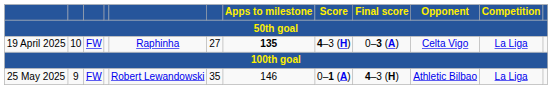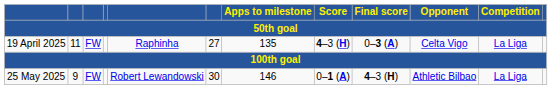 <table class="wikitable" style="text-align:center">
 <tr>
 <th style="background:#26559B;color:#FFF000;"></th>
 <th style="background:#26559B;color:#FFF000;"></th>
 <th style="background:#26559B;color:#FFF000;"></th>
 <th style="background:#26559B;color:#FFF000;"></th>
 <th style="background:#26559B;color:#FFF000;"></th>
 <th style="background:#26559B;color:#FFF000;"></th>
 <th style="background:#26559B;color:#FFF000;">Apps to milestone</th>
 <th style="background:#26559B;color:#FFF000;">Score</th>
 <th style="background:#26559B;color:#FFF000;">Final score</th>
 <th style="background:#26559B;color:#FFF000;">Opponent</th>
 <th style="background:#26559B;color:#FFF000;">Competition</th>
 <th style="background:#26559B;color:#FFF000;"></th>
 </tr>
 <tr>
 <th colspan=12 style="background:#26559B;color:#FFF000;">50th goal</th>
 </tr>
 <tr>
 <td>19 April 2025</td>
-<td>10</td>
+<td>11</td>
 <td><a href='#'>FW</a></td>
 <td></td>
 <td><a href='#'>Raphinha</a></td>
 <td>27</td>
-<td><strong>135</strong></td>
+<td>135</td>
 <td><strong>4</strong>–3 (<a href='#'><strong>H</strong></a>)</td>
 <td>0–<strong>3</strong> (<a href='#'><strong>A</strong></a>)</td>
 <td><a href='#'>Celta Vigo</a></td>
 <td><a href='#'>La Liga</a></td>
 <td></td>
 </tr>
 <tr>
 <th colspan=12 style="background:#26559B;color:#FFF000;">100th goal</th>
 </tr>
 <tr>
 <td>25 May 2025</td>
 <td>9</td>
 <td><a href='#'>FW</a></td>
 <td></td>
 <td><a href='#'>Robert Lewandowski</a></td>
-<td>35</td>
+<td>30</td>
 <td>146</td>
 <td>0–<strong>1</strong> (<a href='#'><strong>A</strong></a>)</td>
 <td><strong>4</strong>–3 (<strong>H</strong>)</td>
 <td><a href='#'>Athletic Bilbao</a></td>
 <td><a href='#'>La Liga</a></td>
 <td></td>
 </tr>
 </table>
